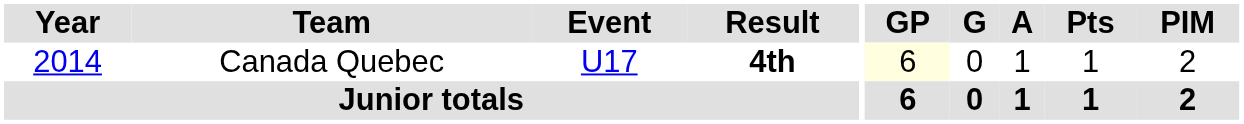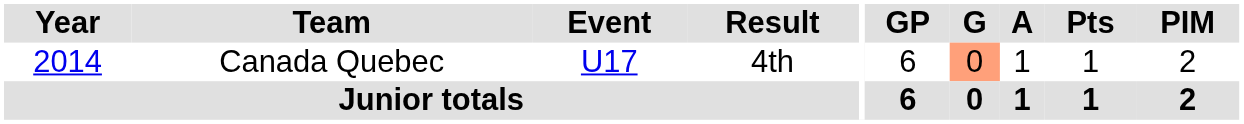 <table border="0" cellpadding="1" cellspacing="0" ID="Table3" style="text-align:center; width:40em;">
 <tr bgcolor="#e0e0e0">
 <th>Year</th>
 <th>Team</th>
 <th>Event</th>
 <th>Result</th>
 <th rowspan="101" bgcolor="#ffffff"></th>
 <th>GP</th>
 <th>G</th>
 <th>A</th>
 <th>Pts</th>
 <th>PIM</th>
 </tr>
 <tr>
 <td><a href='#'>2014</a></td>
 <td>Canada Quebec</td>
 <td><a href='#'>U17</a></td>
-<td><strong>4th</strong></td>
-<td style="background: lightyellow;">6</td>
-<td>0</td>
+<td>4th</td>
+<td>6</td>
+<td style="background: lightsalmon;">0</td>
 <td>1</td>
 <td>1</td>
 <td>2</td>
 </tr>
 <tr bgcolor="#e0e0e0">
 <th colspan="4">Junior totals</th>
 <th>6</th>
 <th>0</th>
 <th>1</th>
 <th>1</th>
 <th>2</th>
 </tr>
 </table>
